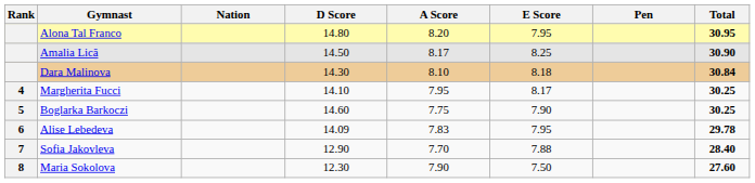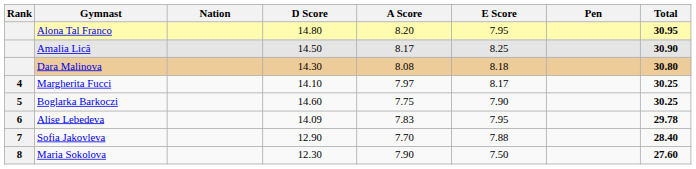 <table class="wikitable sortable" style="text-align:center; font-size:85%">
 <tr>
 <th scope="col" style="width:20px;">Rank</th>
 <th ! scope="col" style="width:170px;">Gymnast</th>
 <th ! scope="col" style="width:120px;">Nation</th>
 <th ! scope="col" style="width:120px;">D Score</th>
 <th ! scope="col" style="width:120px;">A Score</th>
 <th ! scope="col" style="width:120px;">E Score</th>
 <th ! scope="col" style="width:120px;">Pen</th>
 <th scope="col" style="width:60px;" !>Total</th>
 </tr>
 <tr bgcolor=fffcaf>
 <th scope=row></th>
 <td align=left><a href='#'>Alona Tal Franco</a></td>
 <td style="text-align:left;"></td>
 <td>14.80</td>
 <td>8.20</td>
 <td>7.95</td>
 <td></td>
 <td><strong>30.95</strong></td>
 </tr>
 <tr bgcolor=e5e5e5>
 <th scope=row></th>
 <td align=left><a href='#'>Amalia Lică</a></td>
 <td style="text-align:left;"></td>
 <td>14.50</td>
 <td>8.17</td>
 <td>8.25</td>
 <td></td>
 <td><strong>30.90</strong></td>
 </tr>
 <tr bgcolor=eecc99>
 <th scope=row></th>
 <td align=left><a href='#'>Dara Malinova</a></td>
 <td style="text-align:left;"></td>
 <td>14.30</td>
-<td>8.10</td>
+<td>8.08</td>
 <td>8.18</td>
 <td></td>
-<td><strong>30.84</strong></td>
+<td><strong>30.80</strong></td>
 </tr>
 <tr>
 <th scope=row>4</th>
 <td align=left><a href='#'>Margherita Fucci</a></td>
 <td style="text-align:left;"></td>
 <td>14.10</td>
-<td>7.95</td>
+<td>7.97</td>
 <td>8.17</td>
 <td></td>
 <td><strong>30.25</strong></td>
 </tr>
 <tr>
 <th scope=row>5</th>
 <td align=left><a href='#'>Boglarka Barkoczi</a></td>
 <td style="text-align:left;"></td>
 <td>14.60</td>
 <td>7.75</td>
 <td>7.90</td>
 <td></td>
 <td><strong>30.25</strong></td>
 </tr>
 <tr>
 <th scope=row>6</th>
 <td align=left><a href='#'>Alise Lebedeva</a></td>
 <td style="text-align:left;"></td>
 <td>14.09</td>
 <td>7.83</td>
 <td>7.95</td>
 <td></td>
 <td><strong>29.78</strong></td>
 </tr>
 <tr>
 <th scope=row>7</th>
 <td align=left><a href='#'>Sofia Jakovleva</a></td>
 <td style="text-align:left;"></td>
 <td>12.90</td>
 <td>7.70</td>
 <td>7.88</td>
 <td></td>
 <td><strong>28.40</strong></td>
 </tr>
 <tr>
 <th scope=row>8</th>
 <td align=left><a href='#'>Maria Sokolova</a></td>
 <td style="text-align:left;"></td>
 <td>12.30</td>
 <td>7.90</td>
 <td>7.50</td>
 <td></td>
 <td><strong>27.60</strong></td>
 </tr>
 </table>
